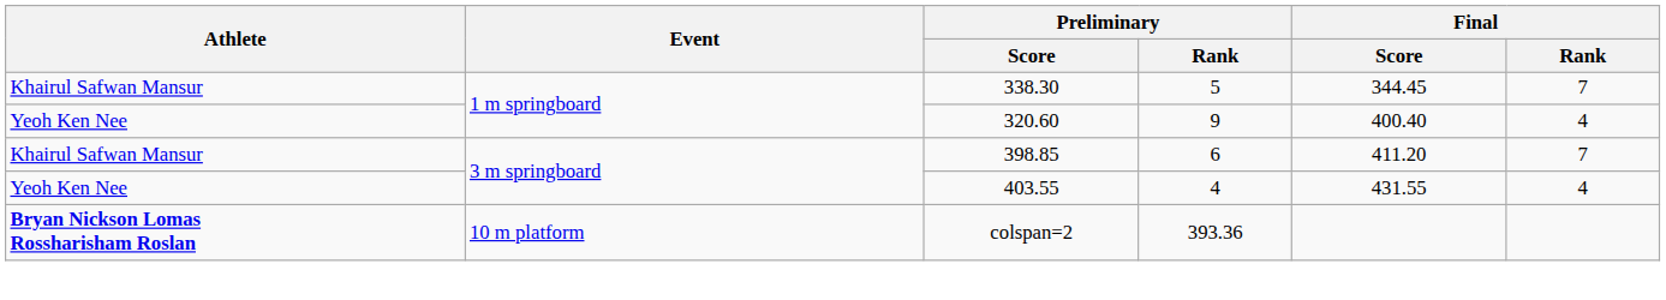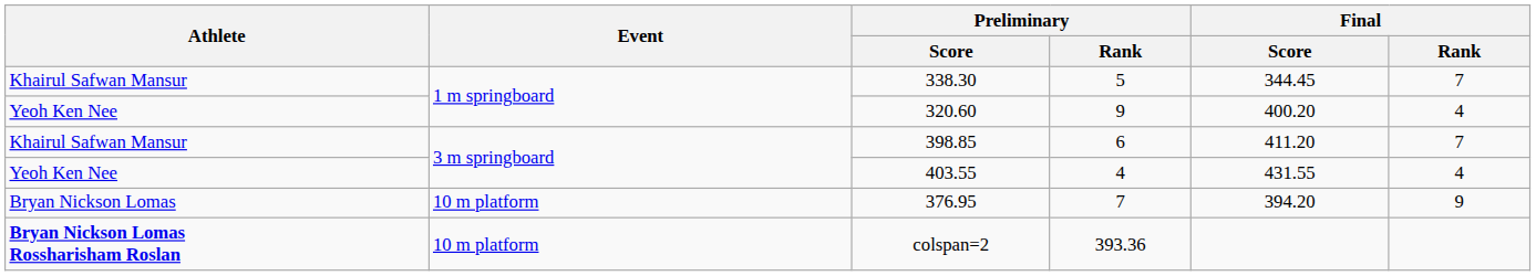 <table class="wikitable" width="75%" style="text-align:center; font-size:90%;">
 <tr>
 <th rowspan="2" width="15%">Athlete</th>
 <th rowspan="2" width="15%">Event</th>
 <th colspan="2" width="12%">Preliminary</th>
 <th colspan="2" width="12%">Final</th>
 </tr>
 <tr>
 <th width="7%">Score</th>
 <th>Rank</th>
 <th width="7%">Score</th>
 <th>Rank</th>
 </tr>
 <tr>
 <td align=left><a href='#'>Khairul Safwan Mansur</a></td>
 <td align=left rowspan=2><a href='#'>1 m springboard</a></td>
 <td>338.30</td>
 <td>5 <strong></strong></td>
 <td>344.45</td>
 <td>7</td>
 </tr>
 <tr>
 <td align=left><a href='#'>Yeoh Ken Nee</a></td>
 <td>320.60</td>
 <td>9 <strong></strong></td>
-<td>400.40</td>
+<td>400.20</td>
 <td>4</td>
 </tr>
 <tr>
 <td align=left><a href='#'>Khairul Safwan Mansur</a></td>
 <td align=left rowspan=2><a href='#'>3 m springboard</a></td>
 <td>398.85</td>
 <td>6 <strong></strong></td>
 <td>411.20</td>
 <td>7</td>
 </tr>
 <tr>
 <td align=left><a href='#'>Yeoh Ken Nee</a></td>
 <td>403.55</td>
 <td>4 <strong></strong></td>
 <td>431.55</td>
 <td>4</td>
 </tr>
 <tr>
+<td align=left><a href='#'>Bryan Nickson Lomas</a></td>
+<td align=left><a href='#'>10 m platform</a></td>
+<td>376.95</td>
+<td>7 <strong></strong></td>
+<td>394.20</td>
+<td>9</td>
+</tr>
+<tr>
 <td align=left><strong><a href='#'>Bryan Nickson Lomas</a><br><a href='#'>Rossharisham Roslan</a></strong></td>
 <td align=left><a href='#'>10 m platform</a></td>
 <td>colspan=2 </td>
 <td>393.36</td>
 <td></td>
 </tr>
 </table>
